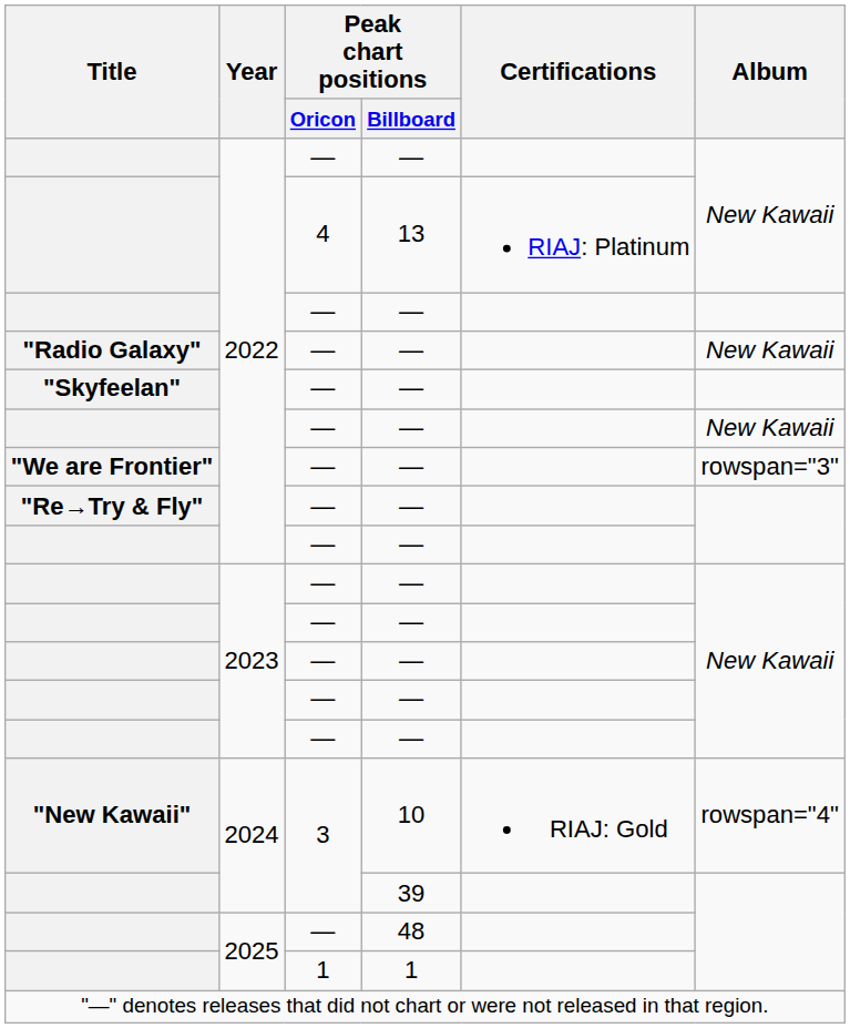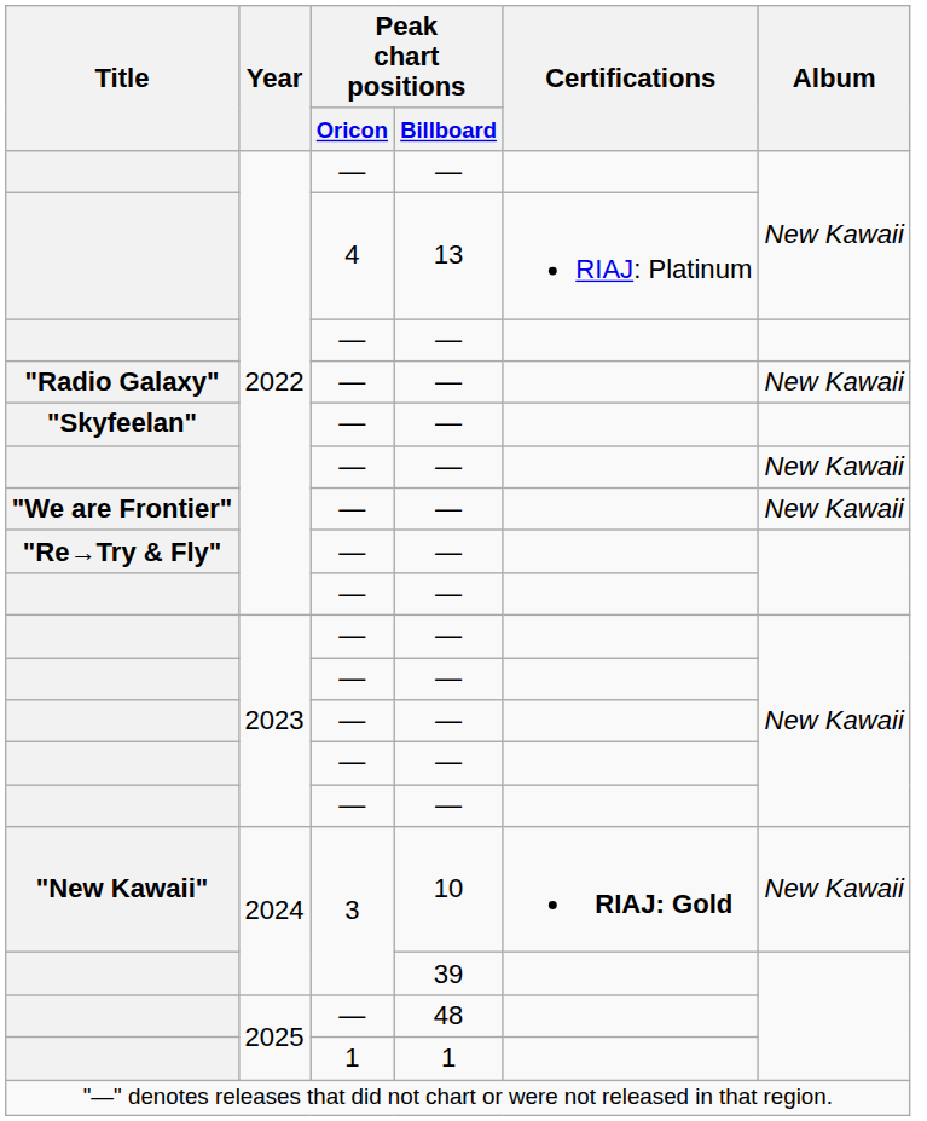 <table class="wikitable plainrowheaders" style="text-align:center;">
 <tr>
 <th scope="col" rowspan="2">Title</th>
 <th scope="col" rowspan="2">Year</th>
 <th scope="col" colspan="2">Peak <br> chart <br> positions</th>
 <th scope="col" rowspan="2">Certifications</th>
 <th scope="col" rowspan="2">Album</th>
 </tr>
 <tr>
 <th scope="col" colspan="1"><small><a href='#'>Oricon</a></small><br></th>
 <th scope="col"><small><a href='#'>Billboard</a></small><br></th>
 </tr>
 <tr>
 <th scope="row"></th>
 <td rowspan="9">2022</td>
 <td>—</td>
 <td>—</td>
 <td></td>
 <td rowspan="2"><em>New Kawaii</em></td>
 </tr>
 <tr>
 <th scope="row"></th>
 <td>4</td>
 <td>13</td>
 <td><br><ul><li><a href='#'>RIAJ</a>: Platinum </li></ul></td>
 </tr>
 <tr>
 <th scope="row"></th>
 <td>—</td>
 <td>—</td>
 <td></td>
 <td></td>
 </tr>
 <tr>
 <th scope="row">"Radio Galaxy"</th>
 <td>—</td>
 <td>—</td>
 <td></td>
 <td><em>New Kawaii</em></td>
 </tr>
 <tr>
 <th scope="row">"Skyfeelan"</th>
 <td>—</td>
 <td>—</td>
 <td></td>
 <td></td>
 </tr>
 <tr>
 <th scope="row"></th>
 <td>—</td>
 <td>—</td>
 <td></td>
 <td><em>New Kawaii</em></td>
 </tr>
 <tr>
 <th scope="row">"We are Frontier"</th>
 <td>—</td>
 <td>—</td>
 <td></td>
-<td>rowspan="3" </td>
+<td><em>New Kawaii</em></td>
 </tr>
 <tr>
 <th scope="row">"Re→Try & Fly"</th>
 <td>—</td>
 <td>—</td>
 <td></td>
 </tr>
 <tr>
 <th scope="row"></th>
 <td>—</td>
 <td>—</td>
 <td></td>
 </tr>
 <tr>
 <th scope="row"></th>
 <td rowspan="5">2023</td>
 <td>—</td>
 <td>—</td>
 <td></td>
 <td rowspan="5"><em>New Kawaii</em></td>
 </tr>
 <tr>
 <th scope="row"></th>
 <td>—</td>
 <td>—</td>
 <td></td>
 </tr>
 <tr>
 <th scope="row"></th>
 <td>—</td>
 <td>—</td>
 <td></td>
 </tr>
 <tr>
 <th scope="row"></th>
 <td>—</td>
 <td>—</td>
 <td></td>
 </tr>
 <tr>
 <th scope="row"></th>
 <td>—</td>
 <td>—</td>
 <td></td>
 </tr>
 <tr>
 <th scope="row">"New Kawaii"</th>
 <td rowspan="2">2024</td>
 <td rowspan="2">3</td>
 <td>10</td>
-<td><br><ul><li>RIAJ: Gold </li></ul></td>
-<td>rowspan="4" </td>
+<td><strong><br><ul><li>RIAJ: Gold </li></ul></strong></td>
+<td><em>New Kawaii</em></td>
 </tr>
 <tr>
 <th scope="row"></th>
 <td>39</td>
 <td></td>
 </tr>
 <tr>
 <th scope="row"></th>
 <td rowspan="2">2025</td>
 <td>—</td>
 <td>48</td>
 <td></td>
 </tr>
 <tr>
 <th scope="row"></th>
 <td>1</td>
 <td>1</td>
 <td></td>
 </tr>
 <tr>
 <td colspan="6" style="font-size:85%">"—" denotes releases that did not chart or were not released in that region.</td>
 </tr>
 </table>
